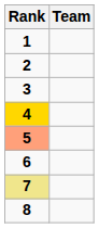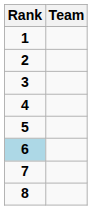 <table class="wikitable" style="text-align: center;">
 <tr>
 <th>Rank</th>
 <th>Team</th>
 </tr>
 <tr>
 <td><strong>1</strong></td>
 <td align="left"></td>
 </tr>
 <tr>
 <td><strong>2</strong></td>
 <td align="left"></td>
 </tr>
 <tr>
 <td><strong>3</strong></td>
 <td align="left"></td>
 </tr>
 <tr>
-<td style="background: gold;"><strong>4</strong></td>
+<td><strong>4</strong></td>
 <td align="left"></td>
 </tr>
 <tr>
-<td style="background: lightsalmon;"><strong>5</strong></td>
+<td><strong>5</strong></td>
 <td align="left"></td>
 </tr>
 <tr>
-<td><strong>6</strong></td>
+<td style="background: lightblue;"><strong>6</strong></td>
 <td align="left"></td>
 </tr>
 <tr>
-<td style="background: khaki;"><strong>7</strong></td>
+<td><strong>7</strong></td>
 <td align="left"></td>
 </tr>
 <tr>
 <td><strong>8</strong></td>
 <td align="left"></td>
 </tr>
 </table>
